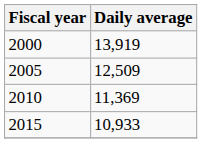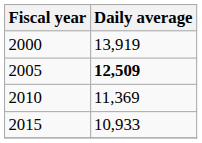 <table class="wikitable">
 <tr>
 <th>Fiscal year</th>
 <th>Daily average</th>
 </tr>
 <tr>
 <td>2000</td>
 <td>13,919</td>
 </tr>
 <tr>
 <td>2005</td>
-<td>12,509</td>
+<td><strong>12,509</strong></td>
 </tr>
 <tr>
 <td>2010</td>
 <td>11,369</td>
 </tr>
 <tr>
 <td>2015</td>
 <td>10,933</td>
 </tr>
 <tr>
 </tr>
 </table>
